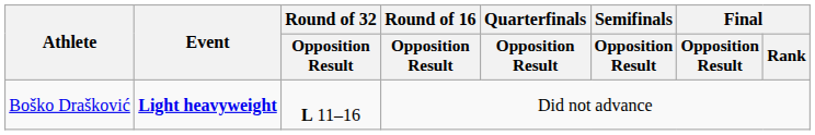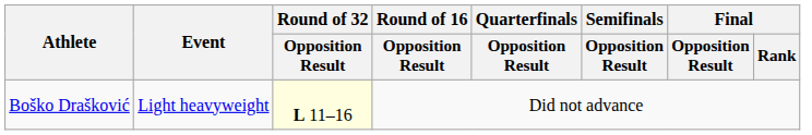 <table class="wikitable" style="font-size:90%">
 <tr>
 <th rowspan="2">Athlete</th>
 <th rowspan="2">Event</th>
 <th>Round of 32</th>
 <th>Round of 16</th>
 <th>Quarterfinals</th>
 <th>Semifinals</th>
 <th colspan=2>Final</th>
 </tr>
 <tr style="font-size:95%">
 <th>Opposition<br>Result</th>
 <th>Opposition<br>Result</th>
 <th>Opposition<br>Result</th>
 <th>Opposition<br>Result</th>
 <th>Opposition<br>Result</th>
 <th>Rank</th>
 </tr>
 <tr align=center>
 <td align=left><a href='#'>Boško Drašković</a></td>
-<td align=left><strong><a href='#'>Light heavyweight</a></strong></td>
-<td><br><strong>L</strong> 11–16</td>
+<td align=left><a href='#'>Light heavyweight</a></td>
+<td style="background: lightyellow;"><br><strong>L</strong> 11–16</td>
 <td colspan=5>Did not advance</td>
 </tr>
 </table>
